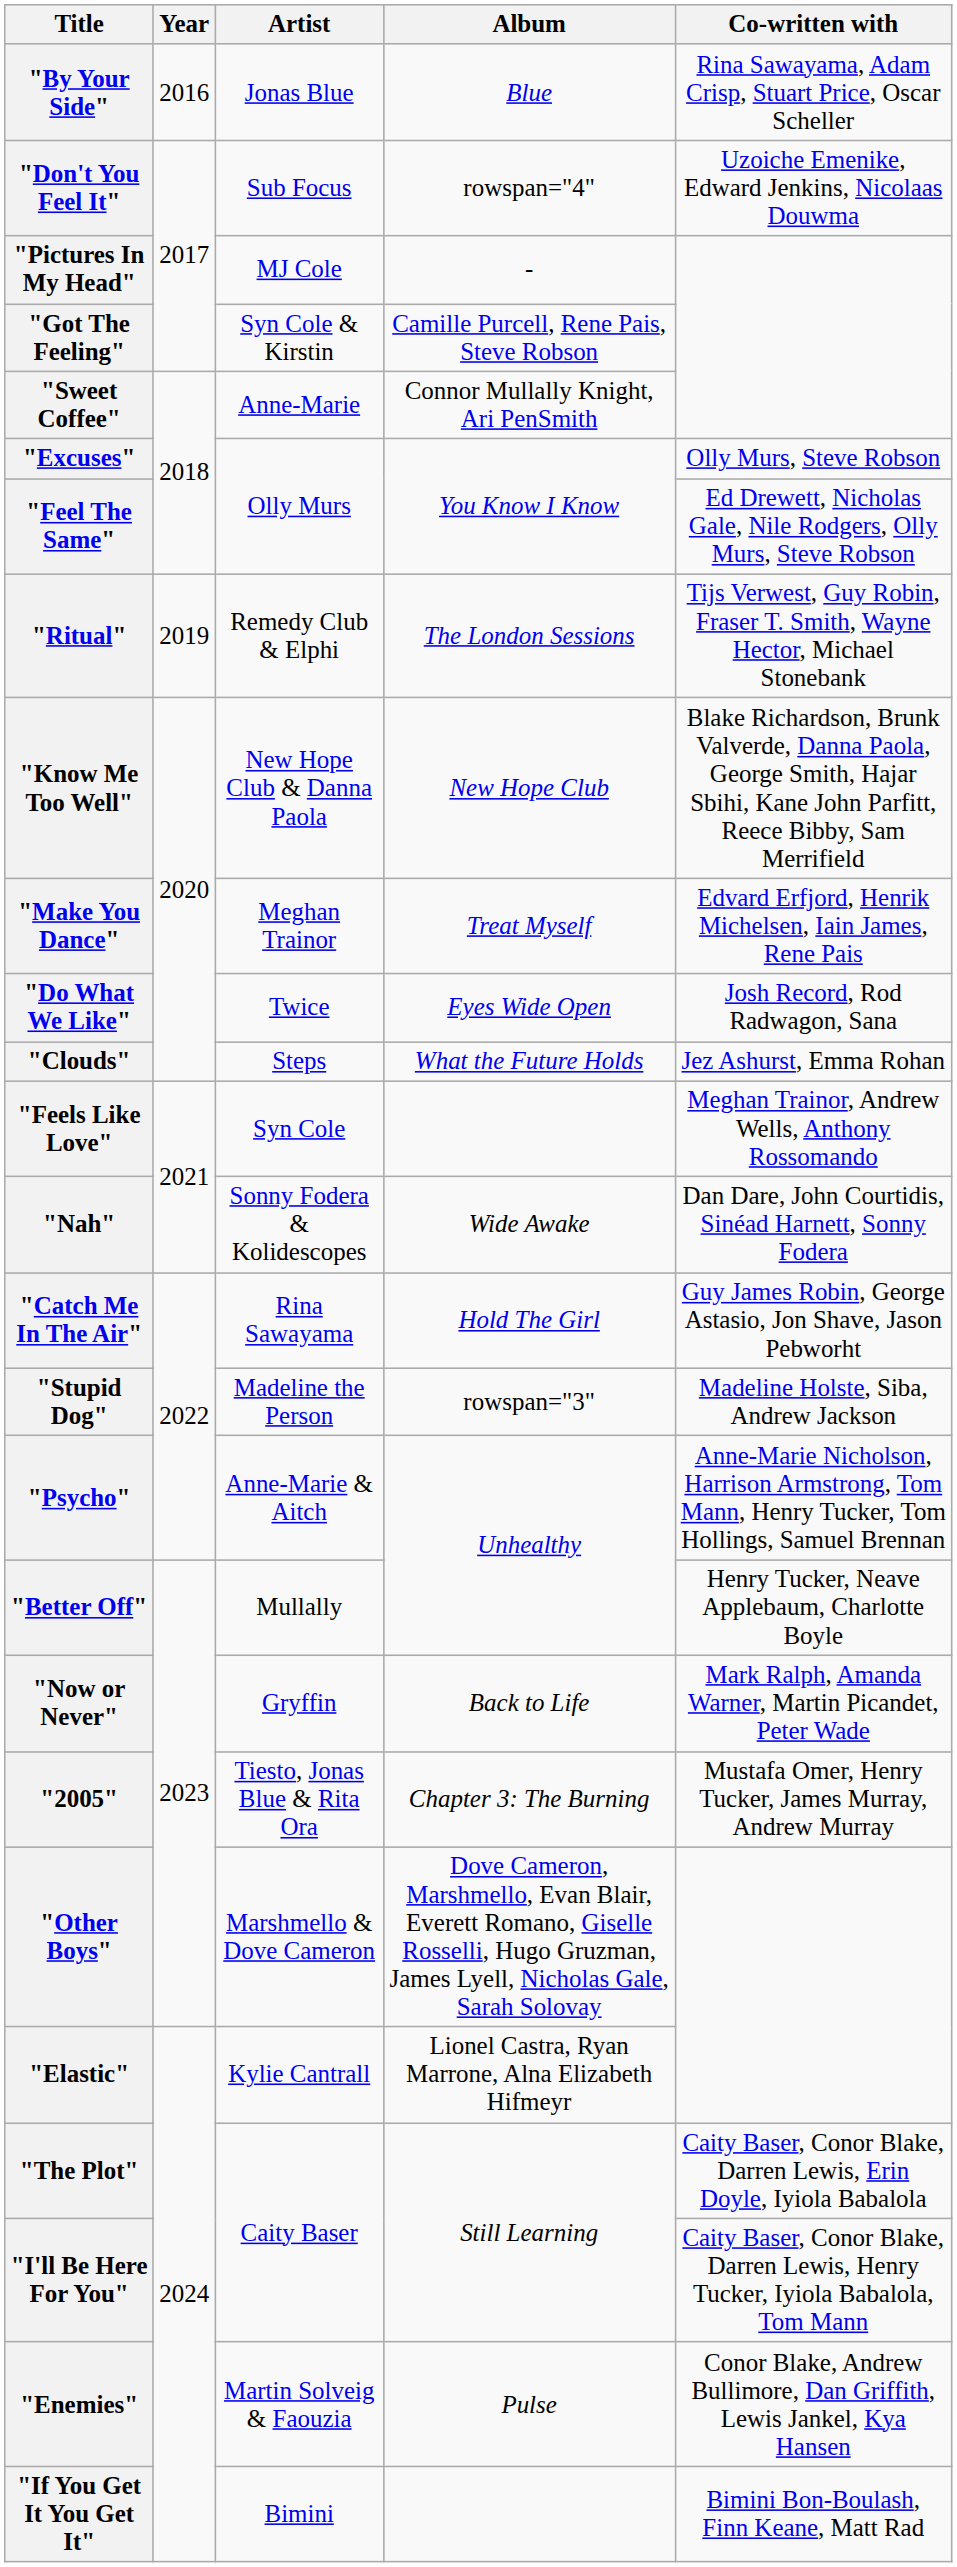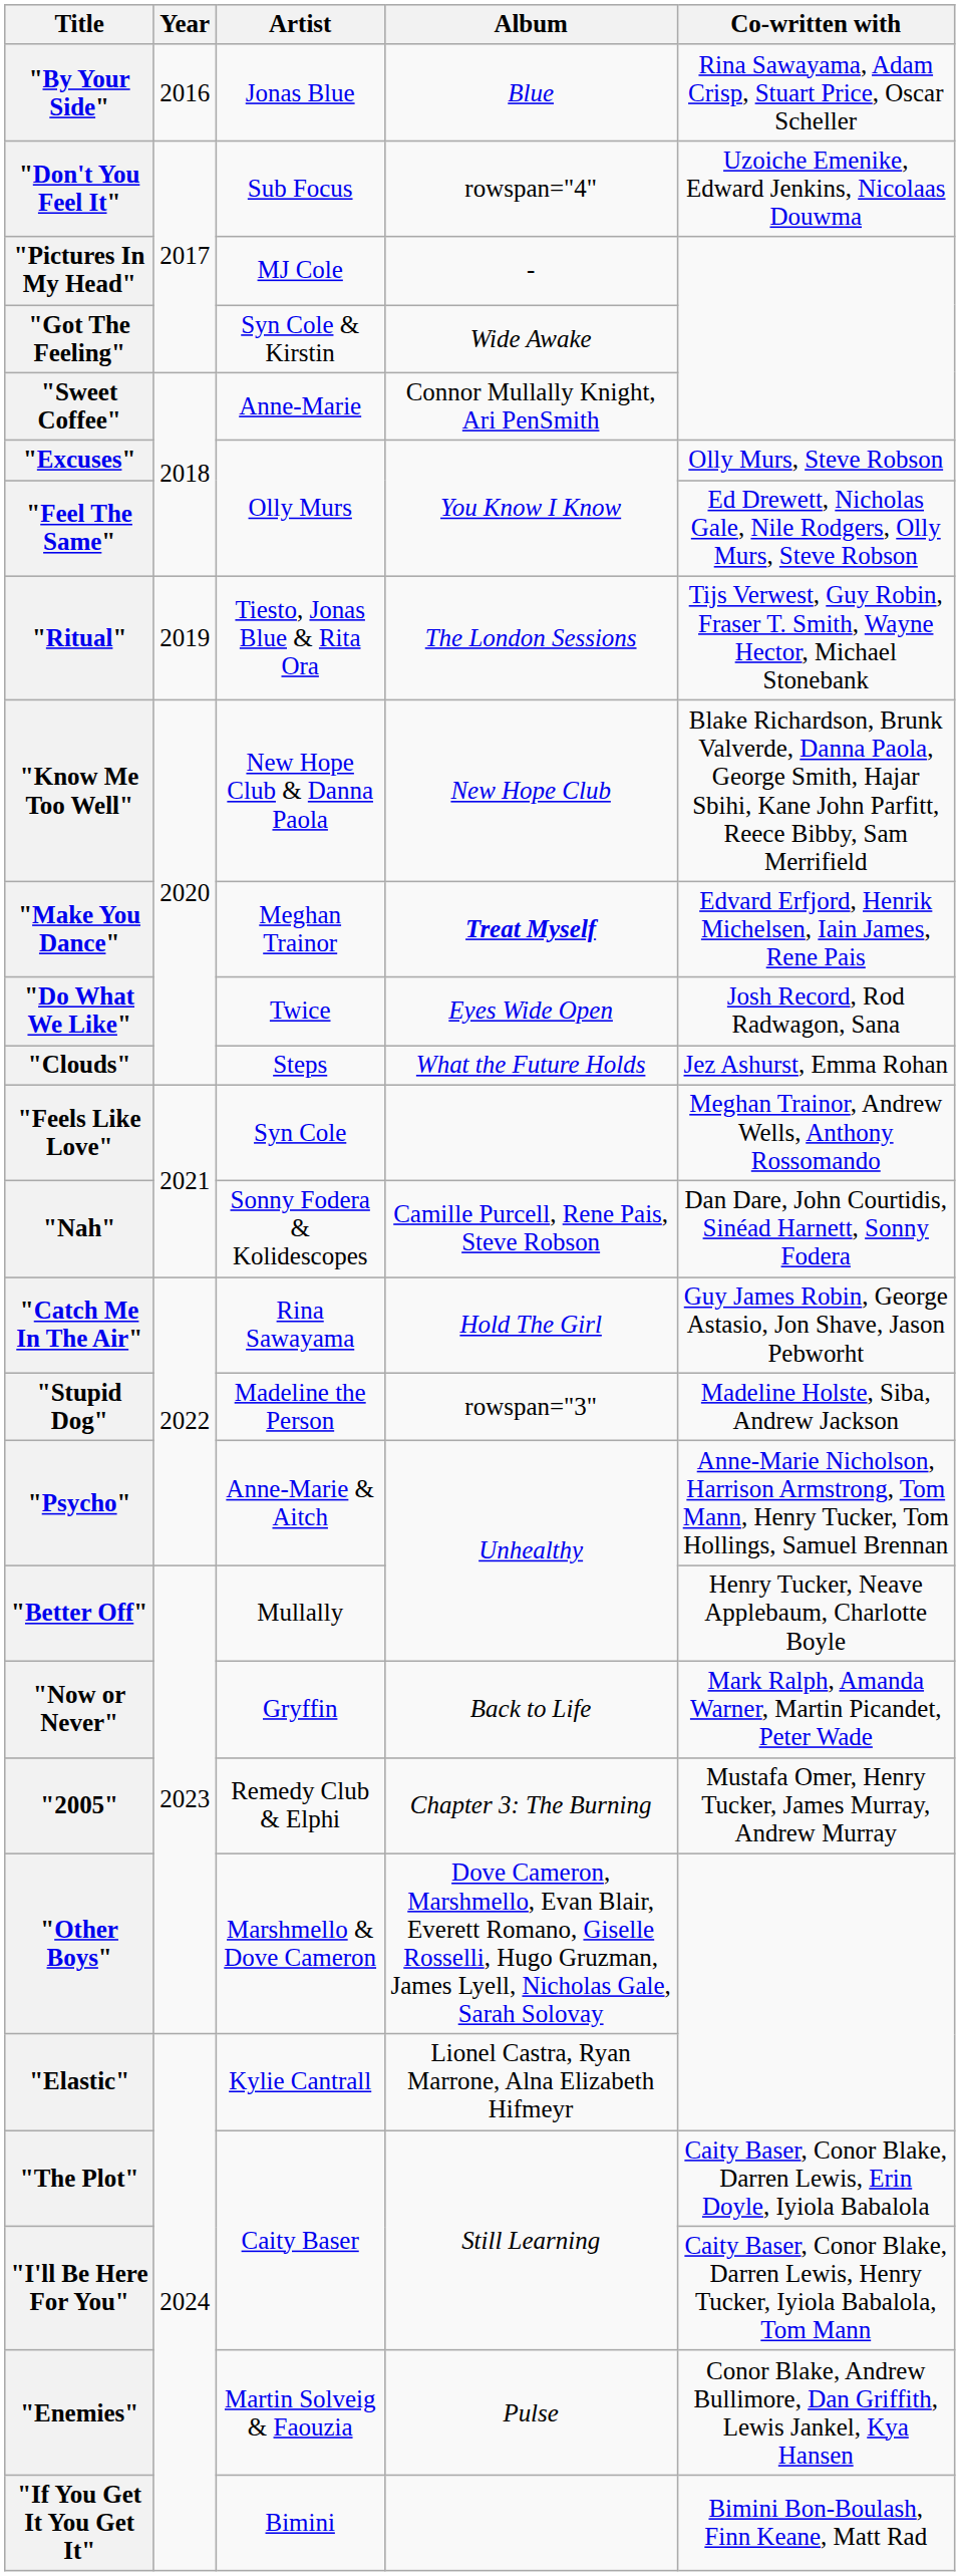 <table class="wikitable plainrowheaders" style="text-align:center;">
 <tr>
 <th scope="col">Title</th>
 <th scope="col">Year</th>
 <th scope="col">Artist</th>
 <th scope="col">Album</th>
 <th scope="col">Co-written with</th>
 </tr>
 <tr>
 <th scope="row">"<a href='#'>By Your Side</a>" <br></th>
 <td>2016</td>
 <td><a href='#'>Jonas Blue</a></td>
 <td><em><a href='#'>Blue</a></em></td>
 <td><a href='#'>Rina Sawayama</a>, <a href='#'>Adam Crisp</a>, <a href='#'>Stuart Price</a>, Oscar Scheller</td>
 </tr>
 <tr>
 <th scope="row">"<a href='#'>Don't You Feel It</a>" <br> </th>
 <td rowspan="3">2017</td>
 <td><a href='#'>Sub Focus</a></td>
 <td>rowspan="4" </td>
 <td><a href='#'>Uzoiche Emenike</a>, Edward Jenkins, <a href='#'>Nicolaas Douwma</a></td>
 </tr>
 <tr>
 <th scope="row">"Pictures In My Head"</th>
 <td><a href='#'>MJ Cole</a></td>
 <td>-</td>
 </tr>
 <tr>
 <th scope="row">"Got The Feeling"</th>
 <td><a href='#'>Syn Cole</a> & Kirstin</td>
-<td><a href='#'>Camille Purcell</a>, <a href='#'>Rene Pais</a>, <a href='#'>Steve Robson</a></td>
+<td><em>Wide Awake</em></td>
 </tr>
 <tr>
 <th scope="row">"Sweet Coffee" <br></th>
 <td rowspan="3">2018</td>
 <td><a href='#'>Anne-Marie</a></td>
 <td>Connor Mullally Knight, <a href='#'>Ari PenSmith</a></td>
 </tr>
 <tr>
 <th scope="row">"<a href='#'>Excuses</a>"</th>
 <td rowspan="2"><a href='#'>Olly Murs</a></td>
 <td rowspan="2"><em><a href='#'>You Know I Know</a></em></td>
 <td><a href='#'>Olly Murs</a>, <a href='#'>Steve Robson</a></td>
 </tr>
 <tr>
 <th scope="row">"<a href='#'>Feel The Same</a>"</th>
 <td><a href='#'>Ed Drewett</a>, <a href='#'>Nicholas Gale</a>, <a href='#'>Nile Rodgers</a>, <a href='#'>Olly Murs</a>, <a href='#'>Steve Robson</a></td>
 </tr>
 <tr>
 <th scope="row">"<a href='#'>Ritual</a>"</th>
 <td>2019</td>
-<td>Remedy Club & Elphi</td>
+<td><a href='#'>Tiesto</a>, <a href='#'>Jonas Blue</a> & <a href='#'>Rita Ora</a></td>
 <td><em><a href='#'>The London Sessions</a></em></td>
 <td><a href='#'>Tijs Verwest</a>, <a href='#'>Guy Robin</a>, <a href='#'>Fraser T. Smith</a>, <a href='#'>Wayne Hector</a>, Michael Stonebank</td>
 </tr>
 <tr>
 <th scope="row">"Know Me Too Well"</th>
 <td rowspan="4">2020</td>
 <td><a href='#'>New Hope Club</a> & <a href='#'>Danna Paola</a></td>
 <td><em><a href='#'>New Hope Club</a></em></td>
 <td>Blake Richardson, Brunk Valverde, <a href='#'>Danna Paola</a>, George Smith, Hajar Sbihi, Kane John Parfitt, Reece Bibby, Sam Merrifield</td>
 </tr>
 <tr>
 <th scope="row">"<a href='#'>Make You Dance</a>"</th>
 <td><a href='#'>Meghan Trainor</a></td>
-<td><em><a href='#'>Treat Myself</a></em></td>
+<td><strong><em><a href='#'>Treat Myself</a></em></strong></td>
 <td><a href='#'>Edvard Erfjord</a>, <a href='#'>Henrik Michelsen</a>, <a href='#'>Iain James</a>, <a href='#'>Rene Pais</a></td>
 </tr>
 <tr>
 <th scope="row">"<a href='#'>Do What We Like</a>"</th>
 <td><a href='#'>Twice</a></td>
 <td><em><a href='#'>Eyes Wide Open</a></em></td>
 <td><a href='#'>Josh Record</a>, Rod Radwagon, Sana</td>
 </tr>
 <tr>
 <th scope="row">"Clouds"</th>
 <td><a href='#'>Steps</a></td>
 <td><em><a href='#'>What the Future Holds</a></em></td>
 <td><a href='#'>Jez Ashurst</a>, Emma Rohan</td>
 </tr>
 <tr>
 <th scope="row">"Feels Like Love" <br></th>
 <td rowspan="2">2021</td>
 <td><a href='#'>Syn Cole</a></td>
 <td></td>
 <td><a href='#'>Meghan Trainor</a>, Andrew Wells, <a href='#'>Anthony Rossomando</a></td>
 </tr>
 <tr>
 <th scope="row">"Nah" <br></th>
 <td><a href='#'>Sonny Fodera</a> & Kolidescopes</td>
-<td><em>Wide Awake</em></td>
+<td><a href='#'>Camille Purcell</a>, <a href='#'>Rene Pais</a>, <a href='#'>Steve Robson</a></td>
 <td>Dan Dare, John  Courtidis, <a href='#'>Sinéad Harnett</a>, <a href='#'>Sonny Fodera</a></td>
 </tr>
 <tr>
 <th scope="row">"<a href='#'>Catch Me In The Air</a>"</th>
 <td rowspan="3">2022</td>
 <td><a href='#'>Rina Sawayama</a></td>
 <td><em><a href='#'>Hold The Girl</a></em></td>
 <td><a href='#'>Guy James Robin</a>, George Astasio, Jon Shave, Jason Pebworht</td>
 </tr>
 <tr>
 <th scope="row">"Stupid Dog"</th>
 <td><a href='#'>Madeline the Person</a></td>
 <td>rowspan="3" </td>
 <td><a href='#'>Madeline Holste</a>, Siba, Andrew Jackson</td>
 </tr>
 <tr>
 <th scope="row">"<a href='#'>Psycho</a>"</th>
 <td><a href='#'>Anne-Marie</a> & <a href='#'>Aitch</a></td>
 <td rowspan="2"><em><a href='#'>Unhealthy</a></em></td>
 <td><a href='#'>Anne-Marie Nicholson</a>, <a href='#'>Harrison Armstrong</a>, <a href='#'>Tom Mann</a>, Henry Tucker, Tom Hollings, Samuel Brennan</td>
 </tr>
 <tr>
 <th scope="row">"<a href='#'>Better Off</a>"</th>
 <td rowspan="4">2023</td>
 <td>Mullally</td>
 <td>Henry Tucker, Neave Applebaum, Charlotte Boyle</td>
 </tr>
 <tr>
 <th scope="row">"Now or Never"</th>
 <td><a href='#'>Gryffin</a></td>
 <td><em>Back to Life</em></td>
 <td><a href='#'>Mark Ralph</a>, <a href='#'>Amanda Warner</a>, Martin Picandet, <a href='#'>Peter Wade</a></td>
 </tr>
 <tr>
 <th scope="row">"2005"</th>
-<td><a href='#'>Tiesto</a>, <a href='#'>Jonas Blue</a> & <a href='#'>Rita Ora</a></td>
+<td>Remedy Club & Elphi</td>
 <td><em>Chapter 3: The Burning</em></td>
 <td>Mustafa Omer, Henry Tucker, James Murray, Andrew Murray</td>
 </tr>
 <tr>
 <th scope="row">"<a href='#'>Other Boys</a>"</th>
 <td><a href='#'>Marshmello</a> & <a href='#'>Dove Cameron</a></td>
 <td><a href='#'>Dove Cameron</a>, <a href='#'>Marshmello</a>, Evan Blair, Everett Romano, <a href='#'>Giselle Rosselli</a>, Hugo Gruzman, James Lyell, <a href='#'>Nicholas Gale</a>, <a href='#'>Sarah Solovay</a></td>
 </tr>
 <tr>
 <th scope="row">"Elastic"</th>
 <td rowspan="5">2024</td>
 <td><a href='#'>Kylie Cantrall</a></td>
 <td>Lionel Castra, Ryan Marrone, Alna Elizabeth Hifmeyr</td>
 </tr>
 <tr>
 <th scope="row">"The Plot"</th>
 <td rowspan="2"><a href='#'>Caity Baser</a></td>
 <td rowspan="2"><em>Still Learning</em></td>
 <td><a href='#'>Caity Baser</a>, Conor Blake, Darren Lewis, <a href='#'>Erin Doyle</a>, Iyiola Babalola</td>
 </tr>
 <tr>
 <th scope="row">"I'll Be Here For You"</th>
 <td><a href='#'>Caity Baser</a>, Conor Blake, Darren Lewis, Henry Tucker, Iyiola Babalola, <a href='#'>Tom Mann</a></td>
 </tr>
 <tr>
 <th scope="row">"Enemies"<br></th>
 <td><a href='#'>Martin Solveig</a> & <a href='#'>Faouzia</a></td>
 <td><em>Pulse</em></td>
 <td>Conor Blake, Andrew Bullimore, <a href='#'>Dan Griffith</a>, Lewis Jankel, <a href='#'>Kya Hansen</a></td>
 </tr>
 <tr>
 <th scope="row">"If You Get It You Get It"</th>
 <td><a href='#'>Bimini</a></td>
 <td></td>
 <td><a href='#'>Bimini Bon-Boulash</a>, <a href='#'>Finn Keane</a>, Matt Rad</td>
 </tr>
 </table>
